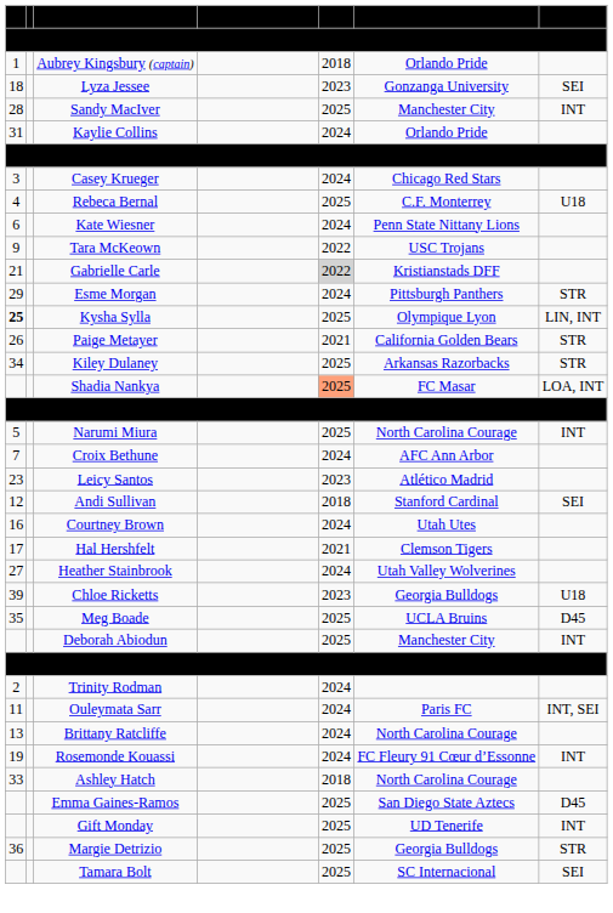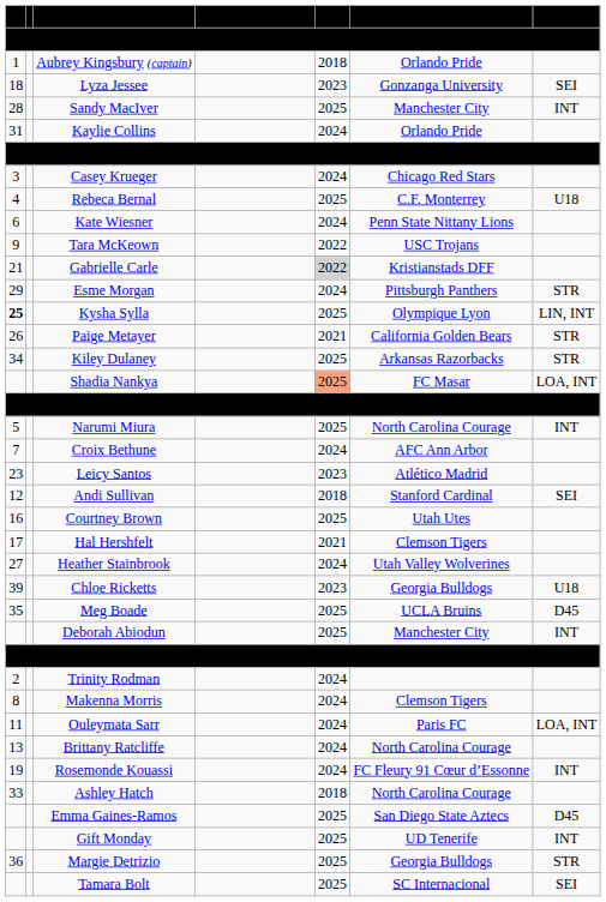 <table class="wikitable" style="text-align:center;">
 <tr>
 <th style="background:#000000; "></th>
 <th style="background:#000000; "></th>
 <th style="background:#000000; ">Name</th>
 <th style="background:#000000; ">Date of birth (age)</th>
 <th style="background:#000000; "></th>
 <th style="background:#000000; ">Previous team</th>
 <th style="background:#000000; ">Notes</th>
 </tr>
 <tr>
 <th colspan="7" style="background:#000000; ">Goalkeepers</th>
 </tr>
 <tr>
 <td>1</td>
 <td></td>
 <td><a href='#'>Aubrey Kingsbury</a> <em><small>(<a href='#'>captain</a>)</small></em></td>
 <td></td>
 <td>2018</td>
 <td> <a href='#'>Orlando Pride</a></td>
 <td></td>
 </tr>
 <tr>
 <td>18</td>
 <td></td>
 <td><a href='#'>Lyza Jessee</a></td>
 <td></td>
 <td>2023</td>
 <td> <a href='#'>Gonzanga University</a></td>
 <td> SEI</td>
 </tr>
 <tr>
 <td>28</td>
 <td></td>
 <td><a href='#'>Sandy MacIver</a></td>
 <td></td>
 <td>2025</td>
 <td> <a href='#'>Manchester City</a></td>
 <td>INT</td>
 </tr>
 <tr>
 <td>31</td>
 <td></td>
 <td><a href='#'>Kaylie Collins</a></td>
 <td></td>
 <td>2024</td>
 <td> <a href='#'>Orlando Pride</a></td>
 <td></td>
 </tr>
 <tr>
 <th colspan="7" style="background:#000000; ">Defenders</th>
 </tr>
 <tr>
 <td>3</td>
 <td></td>
 <td><a href='#'>Casey Krueger</a></td>
 <td></td>
 <td>2024</td>
 <td> <a href='#'>Chicago Red Stars</a></td>
 <td></td>
 </tr>
 <tr>
 <td>4</td>
 <td></td>
 <td><a href='#'>Rebeca Bernal</a></td>
 <td></td>
 <td>2025</td>
 <td> <a href='#'>C.F. Monterrey</a></td>
 <td>U18</td>
 </tr>
 <tr>
 <td>6</td>
 <td></td>
 <td><a href='#'>Kate Wiesner</a></td>
 <td></td>
 <td>2024</td>
 <td> <a href='#'>Penn State Nittany Lions</a></td>
 <td></td>
 </tr>
 <tr>
 <td>9</td>
 <td></td>
 <td><a href='#'>Tara McKeown</a></td>
 <td></td>
 <td>2022</td>
 <td> <a href='#'>USC Trojans</a></td>
 <td></td>
 </tr>
 <tr>
 <td>21</td>
 <td></td>
 <td><a href='#'>Gabrielle Carle</a></td>
 <td></td>
 <td style="background: lightgrey;">2022</td>
 <td> <a href='#'>Kristianstads DFF</a></td>
 <td></td>
 </tr>
 <tr>
 <td>29</td>
 <td></td>
 <td><a href='#'>Esme Morgan</a></td>
 <td></td>
 <td>2024</td>
 <td> <a href='#'>Pittsburgh Panthers</a></td>
 <td>STR</td>
 </tr>
 <tr>
 <td><strong>25</strong></td>
 <td></td>
 <td><a href='#'>Kysha Sylla</a></td>
 <td></td>
 <td>2025</td>
 <td> <a href='#'>Olympique Lyon</a></td>
 <td>LIN, INT</td>
 </tr>
 <tr>
 <td>26</td>
 <td></td>
 <td><a href='#'>Paige Metayer</a></td>
 <td></td>
 <td>2021</td>
 <td> <a href='#'>California Golden Bears</a></td>
 <td>STR</td>
 </tr>
 <tr>
 <td>34</td>
 <td></td>
 <td><a href='#'>Kiley Dulaney</a></td>
 <td></td>
 <td>2025</td>
 <td> <a href='#'>Arkansas Razorbacks</a></td>
 <td>STR</td>
 </tr>
 <tr>
 <td></td>
 <td></td>
 <td><a href='#'>Shadia Nankya</a></td>
 <td></td>
 <td style="background: lightsalmon;">2025</td>
 <td> <a href='#'>FC Masar</a></td>
 <td>LOA, INT</td>
 </tr>
 <tr>
 <th colspan="7" style="background:#000000; ">Midfielders</th>
 </tr>
 <tr>
 <td>5</td>
 <td></td>
 <td><a href='#'>Narumi Miura</a></td>
 <td></td>
 <td>2025</td>
 <td> <a href='#'>North Carolina Courage</a></td>
 <td>INT</td>
 </tr>
 <tr>
 <td>7</td>
 <td></td>
 <td><a href='#'>Croix Bethune</a></td>
 <td></td>
 <td>2024</td>
 <td> <a href='#'>AFC Ann Arbor</a></td>
 <td></td>
 </tr>
 <tr>
 <td>23</td>
 <td></td>
 <td><a href='#'>Leicy Santos</a></td>
 <td></td>
 <td>2023</td>
 <td> <a href='#'>Atlético Madrid</a></td>
 <td></td>
 </tr>
 <tr>
 <td>12</td>
 <td></td>
 <td><a href='#'>Andi Sullivan</a></td>
 <td></td>
 <td>2018</td>
 <td> <a href='#'>Stanford Cardinal</a></td>
 <td> SEI</td>
 </tr>
 <tr>
 <td>16</td>
 <td></td>
 <td><a href='#'>Courtney Brown</a></td>
 <td></td>
-<td>2024</td>
+<td>2025</td>
 <td> <a href='#'>Utah Utes</a></td>
 <td></td>
 </tr>
 <tr>
 <td>17</td>
 <td></td>
 <td><a href='#'>Hal Hershfelt</a></td>
 <td></td>
 <td>2021</td>
 <td> <a href='#'>Clemson Tigers</a></td>
 <td></td>
 </tr>
 <tr>
 <td>27</td>
 <td></td>
 <td><a href='#'>Heather Stainbrook</a></td>
 <td></td>
 <td>2024</td>
 <td> <a href='#'>Utah Valley Wolverines</a></td>
 <td></td>
 </tr>
 <tr>
 <td>39</td>
 <td></td>
 <td><a href='#'>Chloe Ricketts</a></td>
 <td></td>
 <td>2023</td>
 <td> <a href='#'>Georgia Bulldogs</a></td>
 <td>U18</td>
 </tr>
 <tr>
 <td>35</td>
 <td></td>
 <td><a href='#'>Meg Boade</a></td>
 <td></td>
 <td>2025</td>
 <td> <a href='#'>UCLA Bruins</a></td>
 <td>D45</td>
 </tr>
 <tr>
 <td></td>
 <td></td>
 <td><a href='#'>Deborah Abiodun</a></td>
 <td></td>
 <td>2025</td>
 <td> <a href='#'>Manchester City</a></td>
 <td>INT</td>
 </tr>
 <tr>
 <th colspan="7" style="background:#000000; ">Forwards</th>
 </tr>
 <tr>
 <td>2</td>
 <td></td>
 <td><a href='#'>Trinity Rodman</a></td>
 <td></td>
 <td>2024</td>
 <td></td>
 <td></td>
 </tr>
 <tr>
+<td>8</td>
+<td></td>
+<td><a href='#'>Makenna Morris</a></td>
+<td></td>
+<td>2024</td>
+<td> <a href='#'>Clemson Tigers</a></td>
+<td></td>
+</tr>
+<tr>
 <td>11</td>
 <td></td>
 <td><a href='#'>Ouleymata Sarr</a></td>
 <td></td>
 <td>2024</td>
 <td> <a href='#'>Paris FC</a></td>
-<td>INT,  SEI</td>
+<td>LOA, INT</td>
 </tr>
 <tr>
 <td>13</td>
 <td></td>
 <td><a href='#'>Brittany Ratcliffe</a></td>
 <td></td>
 <td>2024</td>
 <td> <a href='#'>North Carolina Courage</a></td>
 <td></td>
 </tr>
 <tr>
 <td>19</td>
 <td></td>
 <td><a href='#'>Rosemonde Kouassi</a></td>
 <td></td>
 <td>2024</td>
 <td> <a href='#'>FC Fleury 91 Cœur d’Essonne</a></td>
 <td>INT</td>
 </tr>
 <tr>
 <td>33</td>
 <td></td>
 <td><a href='#'>Ashley Hatch</a></td>
 <td></td>
 <td>2018</td>
 <td> <a href='#'>North Carolina Courage</a></td>
 <td></td>
 </tr>
 <tr>
 <td></td>
 <td></td>
 <td><a href='#'>Emma Gaines-Ramos</a></td>
 <td></td>
 <td>2025</td>
 <td> <a href='#'>San Diego State Aztecs</a></td>
 <td>D45</td>
 </tr>
 <tr>
 <td></td>
 <td></td>
 <td><a href='#'>Gift Monday</a></td>
 <td></td>
 <td>2025</td>
 <td> <a href='#'>UD Tenerife</a></td>
 <td>INT</td>
 </tr>
 <tr>
 <td>36</td>
 <td></td>
 <td><a href='#'>Margie Detrizio</a></td>
 <td></td>
 <td>2025</td>
 <td> <a href='#'>Georgia Bulldogs</a></td>
 <td>STR</td>
 </tr>
 <tr>
 <td></td>
 <td></td>
 <td><a href='#'>Tamara Bolt</a></td>
 <td></td>
 <td>2025</td>
 <td> <a href='#'>SC Internacional</a></td>
 <td> SEI</td>
 </tr>
 </table>
